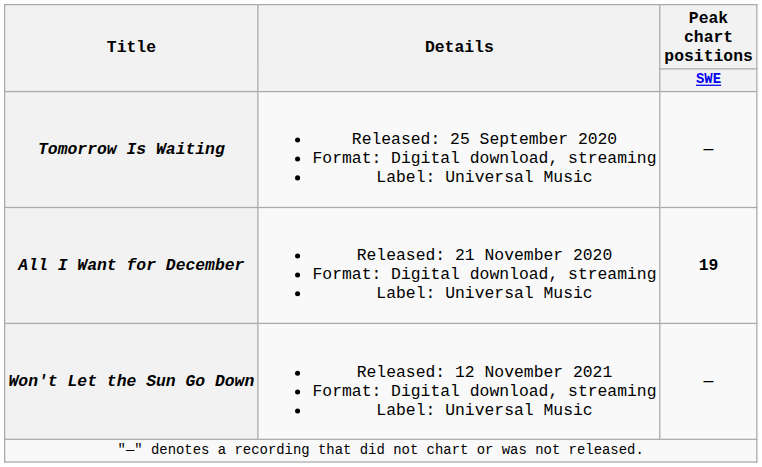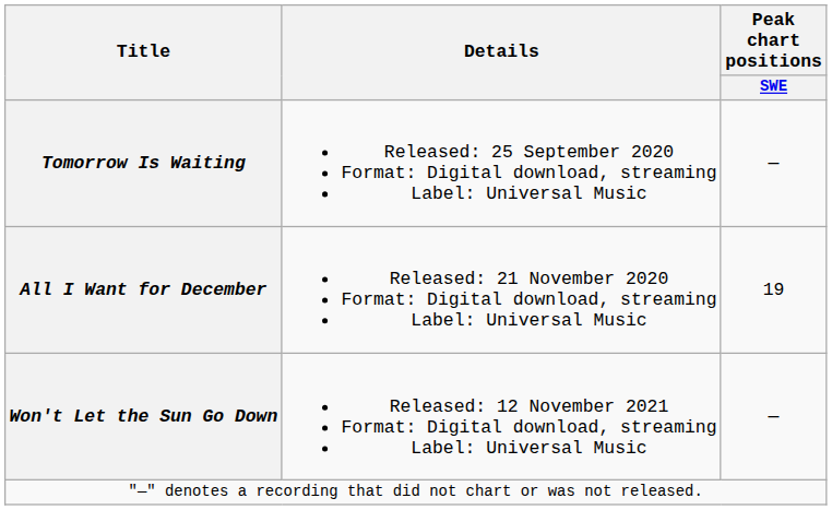 <table class="wikitable plainrowheaders" style="text-align:center;">
 <tr>
 <th scope="col" rowspan="2">Title</th>
 <th scope="col" rowspan="2">Details</th>
 <th scope="col" colspan="1">Peak chart positions</th>
 </tr>
 <tr>
 <th scope="col" style="width:3em;font-size:85%;"><a href='#'>SWE</a><br></th>
 </tr>
 <tr>
 <th scope="row"><em>Tomorrow Is Waiting</em></th>
 <td><br><ul><li>Released: 25 September 2020</li><li>Format: Digital download, streaming</li><li>Label: Universal Music</li></ul></td>
 <td>—</td>
 </tr>
 <tr>
 <th scope="row"><em>All I Want for December</em></th>
 <td><br><ul><li>Released: 21 November 2020</li><li>Format: Digital download, streaming</li><li>Label: Universal Music</li></ul></td>
-<td><strong>19<br></strong></td>
+<td>19<br></td>
 </tr>
 <tr>
 <th scope="row"><em>Won't Let the Sun Go Down</em></th>
 <td><br><ul><li>Released: 12 November 2021</li><li>Format: Digital download, streaming</li><li>Label: Universal Music</li></ul></td>
 <td>—</td>
 </tr>
 <tr>
 <td style="font-size:85%;" colspan="22">"—" denotes a recording that did not chart or was not released.</td>
 </tr>
 </table>
